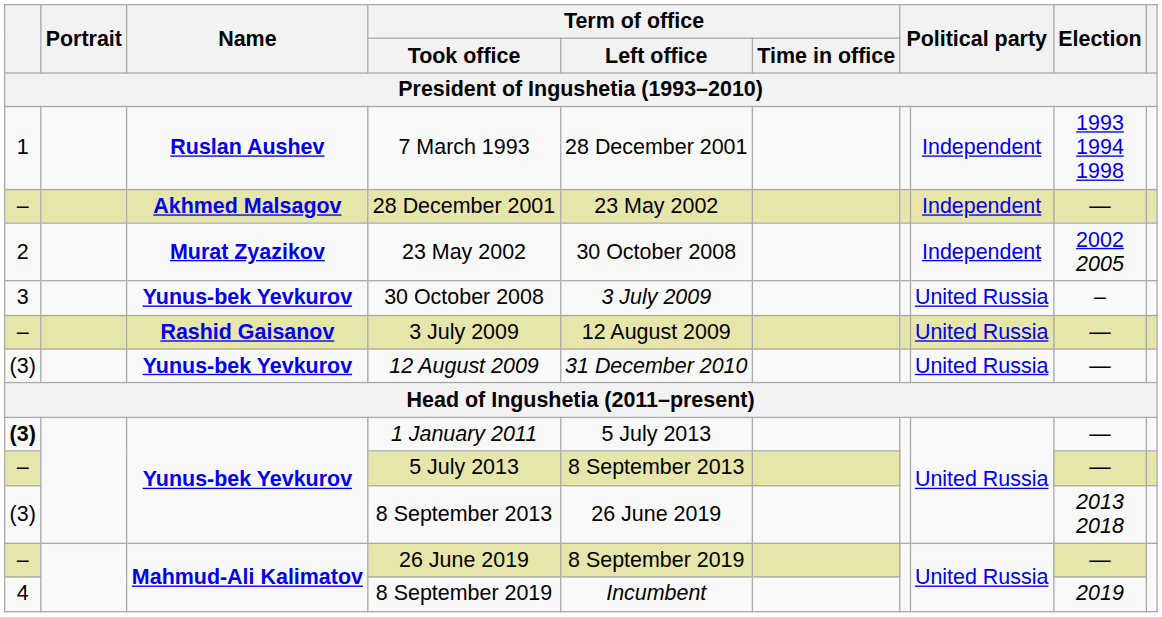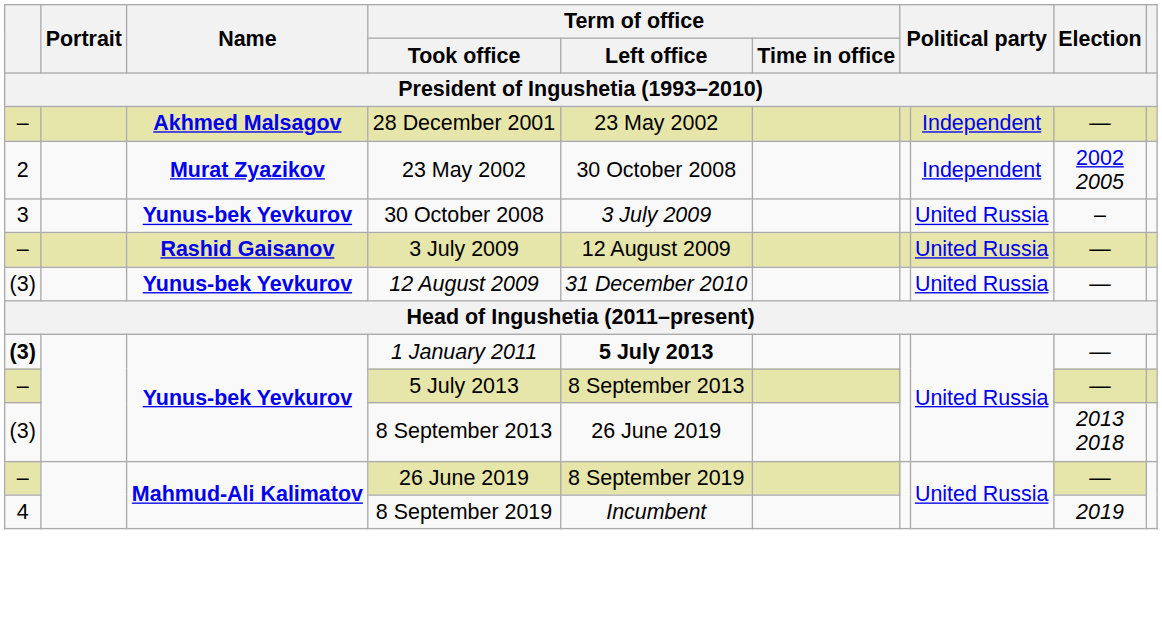 <table class="wikitable" style="text-align:center">
 <tr>
 <th rowspan=2></th>
 <th rowspan=2>Portrait</th>
 <th rowspan=2>Name<br></th>
 <th colspan=3>Term of office</th>
 <th colspan=2 rowspan=2>Political party</th>
 <th rowspan=2>Election</th>
 <th rowspan=2></th>
 </tr>
 <tr>
 <th>Took office</th>
 <th>Left office</th>
 <th>Time in office</th>
 </tr>
 <tr>
 <th colspan=10>President of Ingushetia (1993–2010)</th>
-</tr>
-<tr>
-<td>1</td>
-<td></td>
-<td><strong><a href='#'>Ruslan Aushev</a></strong><br></td>
-<td>7 March 1993</td>
-<td>28 December 2001</td>
-<td></td>
-<td style="background: "></td>
-<td><a href='#'>Independent</a></td>
-<td><a href='#'>1993</a><br><a href='#'>1994</a><br><a href='#'>1998</a></td>
-<td></td>
 </tr>
 <tr style="background:#e6e6aa;">
 <td>–</td>
 <td></td>
 <td><strong><a href='#'>Akhmed Malsagov</a></strong><br></td>
 <td>28 December 2001</td>
 <td>23 May 2002</td>
 <td></td>
 <td style="background: "></td>
 <td><a href='#'>Independent</a></td>
 <td>—</td>
 <td></td>
 </tr>
 <tr>
 <td>2</td>
 <td></td>
 <td><strong><a href='#'>Murat Zyazikov</a></strong><br></td>
 <td>23 May 2002</td>
 <td>30 October 2008</td>
 <td></td>
 <td style="background: "></td>
 <td><a href='#'>Independent</a></td>
 <td><a href='#'>2002</a><br><em>2005</em></td>
 <td></td>
 </tr>
 <tr>
 <td>3</td>
 <td></td>
 <td><strong><a href='#'>Yunus-bek Yevkurov</a></strong><br></td>
 <td>30 October 2008</td>
 <td><em>3 July 2009</em></td>
 <td></td>
 <td style="background: "></td>
 <td><a href='#'>United Russia</a></td>
 <td>–</td>
 <td></td>
 </tr>
 <tr style="background:#e6e6aa;">
 <td>–</td>
 <td></td>
 <td><strong><a href='#'>Rashid Gaisanov</a></strong><br></td>
 <td>3 July 2009</td>
 <td>12 August 2009</td>
 <td></td>
 <td style="background: "></td>
 <td><a href='#'>United Russia</a></td>
 <td>—</td>
 <td></td>
 </tr>
 <tr>
 <td>(3)</td>
 <td></td>
 <td><strong><a href='#'>Yunus-bek Yevkurov</a></strong><br></td>
 <td><em>12 August 2009</em></td>
 <td><em>31 December 2010</em></td>
 <td></td>
 <td style="background: "></td>
 <td><a href='#'>United Russia</a></td>
 <td>—</td>
 <td></td>
 </tr>
 <tr>
 <th colspan=10>Head of Ingushetia (2011–present)</th>
 </tr>
 <tr>
 <td><strong>(3)</strong></td>
 <td rowspan=3></td>
 <td rowspan=3><strong><a href='#'>Yunus-bek Yevkurov</a></strong><br></td>
 <td><em>1 January 2011</em></td>
-<td>5 July 2013</td>
+<td><strong>5 July 2013</strong></td>
 <td></td>
 <td rowspan=3 style="background: "></td>
 <td rowspan=3><a href='#'>United Russia</a></td>
 <td>—</td>
 <td></td>
 </tr>
 <tr style="background:#e6e6aa;">
 <td>–</td>
 <td>5 July 2013</td>
 <td>8 September 2013</td>
 <td></td>
 <td>—</td>
 <td></td>
 </tr>
 <tr>
 <td>(3)</td>
 <td>8 September 2013</td>
 <td>26 June 2019</td>
 <td></td>
 <td><em>2013</em><br><em>2018</em></td>
 <td></td>
 </tr>
 <tr>
 <td style="background:#e6e6aa;">–</td>
 <td rowspan=2></td>
 <td rowspan=2><strong><a href='#'>Mahmud-Ali Kalimatov</a></strong><br></td>
 <td style="background:#e6e6aa;">26 June 2019</td>
 <td style="background:#e6e6aa;">8 September 2019</td>
 <td style="background:#e6e6aa;"></td>
 <td rowspan=2 style="background: "></td>
 <td rowspan=2><a href='#'>United Russia</a></td>
 <td style="background:#e6e6aa;">—</td>
 <td rowspan=2></td>
 </tr>
 <tr>
 <td>4</td>
 <td>8 September 2019</td>
 <td><em>Incumbent</em></td>
 <td></td>
 <td><em>2019</em></td>
 </tr>
 </table>
